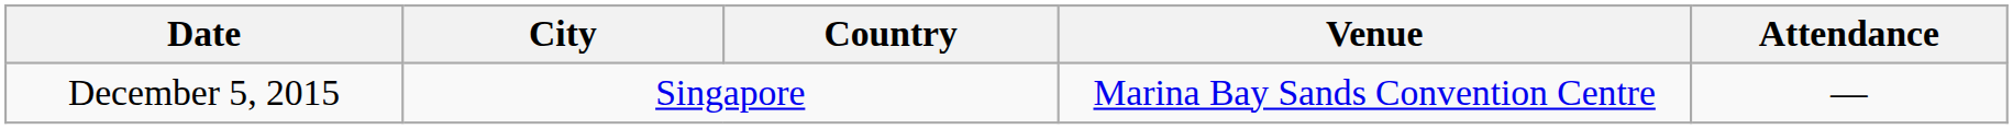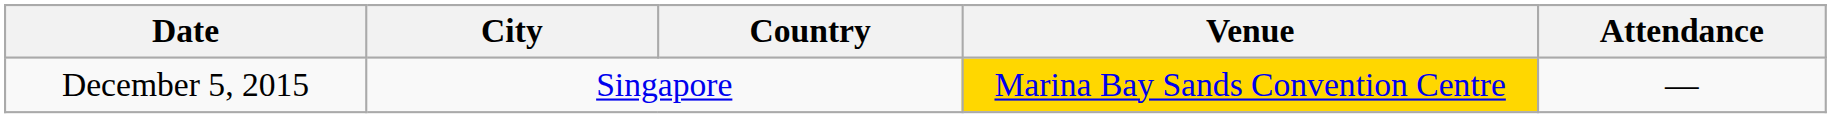 <table class="wikitable" style="text-align:center;">
 <tr>
 <th scope="col" style="width:12em">Date</th>
 <th scope="col" style="width:10em">City</th>
 <th scope="col" style="width:10em">Country</th>
 <th scope="col" style="width:20em">Venue</th>
 <th scope="col" style="width:9em">Attendance</th>
 </tr>
 <tr>
 <td>December 5, 2015</td>
 <td colspan=2><a href='#'>Singapore</a></td>
-<td><a href='#'>Marina Bay Sands Convention Centre</a></td>
+<td style="background: gold;"><a href='#'>Marina Bay Sands Convention Centre</a></td>
 <td>—</td>
 </tr>
 </table>
